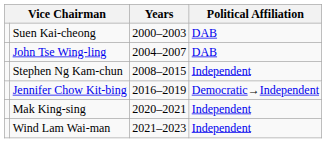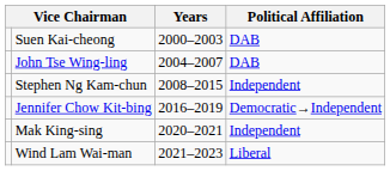 <table class="wikitable">
 <tr>
 <th colspan=2>Vice Chairman</th>
 <th>Years</th>
 <th>Political Affiliation</th>
 </tr>
 <tr>
 <td style="color:inherit;background: "></td>
 <td>Suen Kai-cheong</td>
 <td>2000–2003</td>
 <td><a href='#'>DAB</a></td>
 </tr>
 <tr>
 <td style="color:inherit;background: "></td>
 <td><a href='#'>John Tse Wing-ling</a></td>
 <td>2004–2007</td>
 <td><a href='#'>DAB</a></td>
 </tr>
 <tr>
 <td style="color:inherit;background: "></td>
 <td>Stephen Ng Kam-chun</td>
 <td>2008–2015</td>
 <td><a href='#'>Independent</a></td>
 </tr>
 <tr>
 <td style="color:inherit;background: "></td>
 <td><a href='#'>Jennifer Chow Kit-bing</a></td>
 <td>2016–2019</td>
 <td><a href='#'>Democratic</a>→<a href='#'>Independent</a></td>
 </tr>
 <tr>
 <td style="color:inherit;background: "></td>
 <td>Mak King-sing</td>
 <td>2020–2021</td>
 <td><a href='#'>Independent</a></td>
 </tr>
 <tr>
 <td style="color:inherit;background: "></td>
 <td>Wind Lam Wai-man</td>
 <td>2021–2023</td>
-<td><a href='#'>Independent</a></td>
+<td><a href='#'>Liberal</a></td>
 </tr>
 </table>
